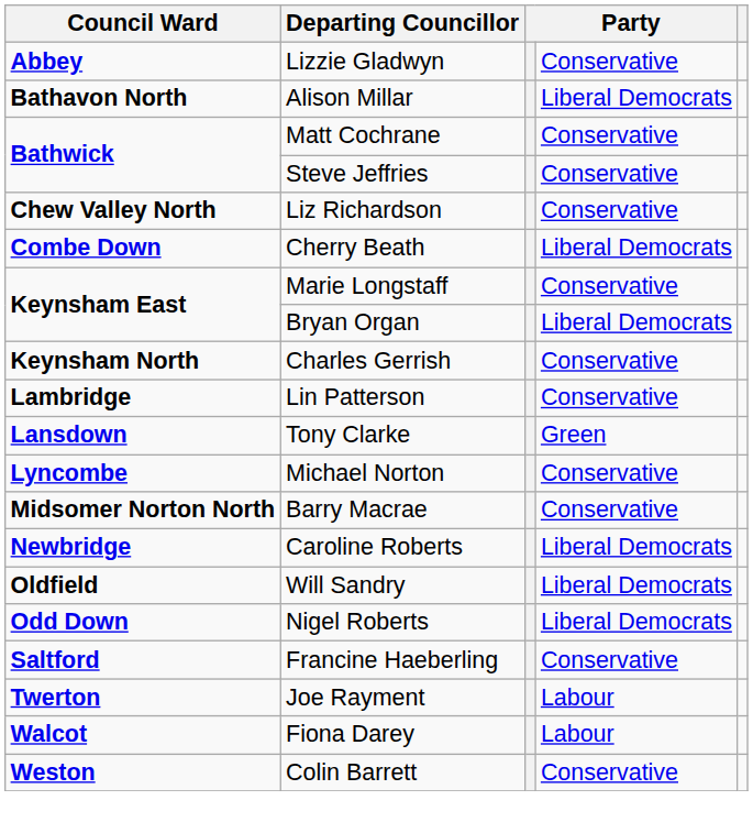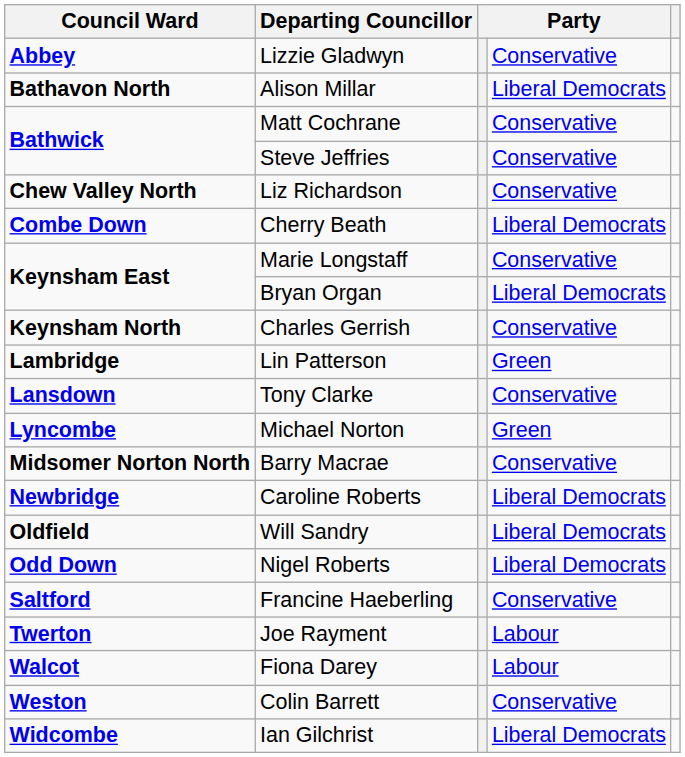 <table class="wikitable sortable">
 <tr>
 <th>Council Ward</th>
 <th>Departing Councillor</th>
 <th colspan="2">Party</th>
 <th class="unsortable"></th>
 </tr>
 <tr>
 <td align="left"><strong><a href='#'>Abbey</a></strong></td>
 <td align="left">Lizzie Gladwyn</td>
 <th style="background-color: "></th>
 <td><a href='#'>Conservative</a></td>
 <td align = center></td>
 </tr>
 <tr>
 <td align="left"><strong>Bathavon North</strong></td>
 <td align="left">Alison Millar</td>
 <th style="background-color: "></th>
 <td><a href='#'>Liberal Democrats</a></td>
 <td align = center></td>
 </tr>
 <tr>
 <td rowspan="2" align="left"><strong><a href='#'>Bathwick</a></strong></td>
 <td align="left">Matt Cochrane</td>
 <th style="background-color: "></th>
 <td><a href='#'>Conservative</a></td>
 <td align = center></td>
 </tr>
 <tr>
 <td align="left">Steve Jeffries</td>
 <th style="background-color: "></th>
 <td><a href='#'>Conservative</a></td>
 <td align = center></td>
 </tr>
 <tr>
 <td align="left"><strong>Chew Valley North</strong></td>
 <td align="left">Liz Richardson</td>
 <th style="background-color: "></th>
 <td><a href='#'>Conservative</a></td>
 <td align = center></td>
 </tr>
 <tr>
 <td align="left"><strong><a href='#'>Combe Down</a></strong></td>
 <td align="left">Cherry Beath</td>
 <th style="background-color: "></th>
 <td><a href='#'>Liberal Democrats</a></td>
 <td align = center></td>
 </tr>
 <tr>
 <td rowspan="2" align="left"><strong>Keynsham East</strong></td>
 <td align="left">Marie Longstaff</td>
 <th style="background-color: "></th>
 <td><a href='#'>Conservative</a></td>
 <td align = center></td>
 </tr>
 <tr>
 <td align="left">Bryan Organ</td>
 <th style="background-color: "></th>
 <td><a href='#'>Liberal Democrats</a></td>
 <td align = center></td>
 </tr>
 <tr>
 <td align="left"><strong>Keynsham North</strong></td>
 <td align="left">Charles Gerrish</td>
 <th style="background-color: "></th>
 <td><a href='#'>Conservative</a></td>
 <td align = center></td>
 </tr>
 <tr>
 <td align="left"><strong>Lambridge</strong></td>
 <td align="left">Lin Patterson</td>
 <th style="background-color: "></th>
-<td><a href='#'>Conservative</a></td>
+<td><a href='#'>Green</a></td>
 <td align = center></td>
 </tr>
 <tr>
 <td align="left"><strong><a href='#'>Lansdown</a></strong></td>
 <td align="left">Tony Clarke</td>
 <th style="background-color: "></th>
-<td><a href='#'>Green</a></td>
+<td><a href='#'>Conservative</a></td>
 <td align = center></td>
 </tr>
 <tr>
 <td align="left"><strong><a href='#'>Lyncombe</a></strong></td>
 <td align="left">Michael Norton</td>
 <th style="background-color: "></th>
-<td><a href='#'>Conservative</a></td>
+<td><a href='#'>Green</a></td>
 <td align = center></td>
 </tr>
 <tr>
 <td align="left"><strong>Midsomer Norton North</strong></td>
 <td align="left">Barry Macrae</td>
 <th style="background-color: "></th>
 <td><a href='#'>Conservative</a></td>
 <td align = center></td>
 </tr>
 <tr>
 <td align="left"><strong><a href='#'>Newbridge</a></strong></td>
 <td align="left">Caroline Roberts</td>
 <th style="background-color: "></th>
 <td><a href='#'>Liberal Democrats</a></td>
 <td align = center></td>
 </tr>
 <tr>
 <td align="left"><strong>Oldfield</strong></td>
 <td align="left">Will Sandry</td>
 <th style="background-color: "></th>
 <td><a href='#'>Liberal Democrats</a></td>
 <td align = center></td>
 </tr>
 <tr>
 <td align="left"><strong><a href='#'>Odd Down</a></strong></td>
 <td align="left">Nigel Roberts</td>
 <th style="background-color: "></th>
 <td><a href='#'>Liberal Democrats</a></td>
 <td align = center></td>
 </tr>
 <tr>
 <td align="left"><strong><a href='#'>Saltford</a></strong></td>
 <td align="left">Francine Haeberling</td>
 <th style="background-color: "></th>
 <td><a href='#'>Conservative</a></td>
 <td align = center></td>
 </tr>
 <tr>
 <td align="left"><strong><a href='#'>Twerton</a></strong></td>
 <td align="left">Joe Rayment</td>
 <th style="background-color: "></th>
 <td><a href='#'>Labour</a></td>
 <td align = center></td>
 </tr>
 <tr>
 <td align="left"><strong><a href='#'>Walcot</a></strong></td>
 <td align="left">Fiona Darey</td>
 <th style="background-color: "></th>
 <td><a href='#'>Labour</a></td>
 <td align = center></td>
 </tr>
 <tr>
 <td align="left"><strong><a href='#'>Weston</a></strong></td>
 <td align="left">Colin Barrett</td>
 <th style="background-color: "></th>
 <td><a href='#'>Conservative</a></td>
 <td align = center></td>
 </tr>
+<tr>
+<td align="left"><strong><a href='#'>Widcombe</a></strong></td>
+<td align="left">Ian Gilchrist</td>
+<th style="background-color: "></th>
+<td><a href='#'>Liberal Democrats</a></td>
+<td align = center></td>
+</tr>
 </table>
